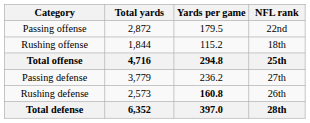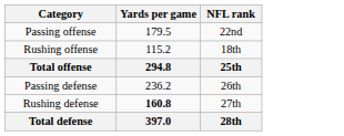 <table class="wikitable" style="text-align:center">
 <tr>
 <th width=150px>Category</th>
-<th width=100px>Total yards</th>
 <th width=110px>Yards per game</th>
 <th width=80px>NFL rank<br></th>
 </tr>
 <tr>
 <td>Passing offense</td>
-<td>2,872</td>
 <td>179.5</td>
 <td>22nd</td>
 </tr>
 <tr>
 <td>Rushing offense</td>
-<td>1,844</td>
 <td>115.2</td>
 <td>18th</td>
 </tr>
 <tr>
 <th>Total offense</th>
-<th>4,716</th>
 <th>294.8</th>
 <th>25th</th>
 </tr>
 <tr>
 <td>Passing defense</td>
-<td>3,779</td>
 <td>236.2</td>
+<td>26th</td>
+</tr>
+<tr>
+<td>Rushing defense</td>
+<td><strong>160.8</strong></td>
 <td>27th</td>
 </tr>
 <tr>
-<td>Rushing defense</td>
-<td>2,573</td>
-<td><strong>160.8</strong></td>
-<td>26th</td>
-</tr>
-<tr>
 <th>Total defense</th>
-<th>6,352</th>
 <th>397.0</th>
 <th>28th</th>
 </tr>
 </table>
